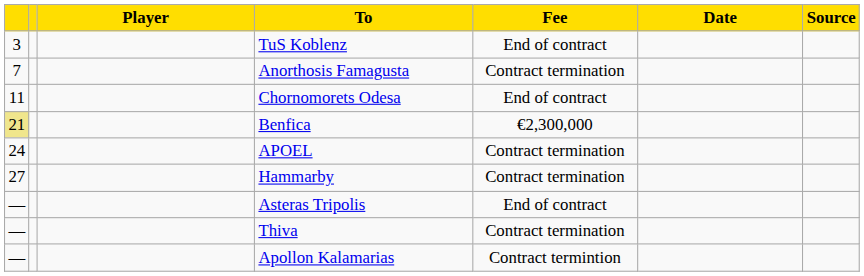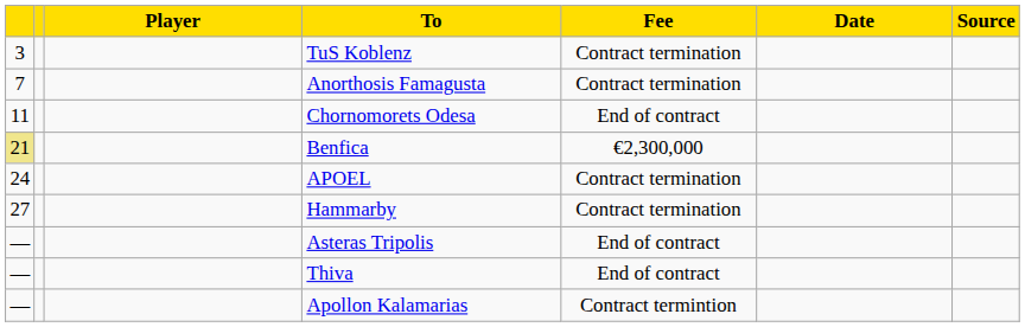 <table class="wikitable sortable">
 <tr>
 <th style="background:#FFDE00"></th>
 <th style="background:#FFDE00"></th>
 <th width=200 style="background:#FFDE00">Player</th>
 <th width=200 style="background:#FFDE00">To</th>
 <th width=150 style="background:#FFDE00">Fee</th>
 <th width=150 style="background:#FFDE00">Date</th>
 <th style="background:#FFDE00">Source</th>
 </tr>
 <tr>
 <td align=center>3</td>
 <td align=center></td>
 <td></td>
 <td> <a href='#'>TuS Koblenz</a></td>
-<td align=center>End of contract</td>
+<td align=center>Contract termination</td>
 <td align=center></td>
 <td align=center></td>
 </tr>
 <tr>
 <td align=center>7</td>
 <td align=center></td>
 <td></td>
 <td> <a href='#'>Anorthosis Famagusta</a></td>
 <td align=center>Contract termination</td>
 <td align=center></td>
 <td align=center></td>
 </tr>
 <tr>
 <td align=center>11</td>
 <td align=center></td>
 <td></td>
 <td> <a href='#'>Chornomorets Odesa</a></td>
 <td align=center>End of contract</td>
 <td align=center></td>
 <td align=center></td>
 </tr>
 <tr>
 <td align=center style="background: khaki;">21</td>
 <td align=center></td>
 <td></td>
 <td> <a href='#'>Benfica</a></td>
 <td align=center>€2,300,000</td>
 <td align=center></td>
 <td align=center></td>
 </tr>
 <tr>
 <td align=center>24</td>
 <td align=center></td>
 <td></td>
 <td> <a href='#'>APOEL</a></td>
 <td align=center>Contract termination</td>
 <td align=center></td>
 <td align=center></td>
 </tr>
 <tr>
 <td align=center>27</td>
 <td align=center></td>
 <td></td>
 <td> <a href='#'>Hammarby</a></td>
 <td align=center>Contract termination</td>
 <td align=center></td>
 <td align=center></td>
 </tr>
 <tr>
 <td align=center>—</td>
 <td align=center></td>
 <td></td>
 <td> <a href='#'>Asteras Tripolis</a></td>
 <td align=center>End of contract</td>
 <td align=center></td>
 <td align=center></td>
 </tr>
 <tr>
 <td align=center>—</td>
 <td align=center></td>
 <td></td>
 <td> <a href='#'>Thiva</a></td>
-<td align=center>Contract termination</td>
+<td align=center>End of contract</td>
 <td align=center></td>
 <td align=center></td>
 </tr>
 <tr>
 <td align=center>—</td>
 <td align=center></td>
 <td></td>
 <td> <a href='#'>Apollon Kalamarias</a></td>
 <td align=center>Contract termintion</td>
 <td align=center></td>
 <td align=center></td>
 </tr>
 </table>
